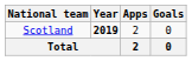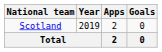 <table class=wikitable style=text-align:center>
 <tr>
 <th>National team</th>
 <th>Year</th>
 <th>Apps</th>
 <th>Goals</th>
 </tr>
 <tr>
 <td rowspan=1><a href='#'>Scotland</a></td>
-<td><strong>2019</strong></td>
+<td>2019</td>
 <td>2</td>
 <td>0</td>
 </tr>
 <tr>
 <th colspan=2>Total</th>
 <th>2</th>
 <th>0</th>
 </tr>
 </table>
